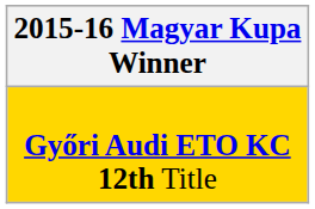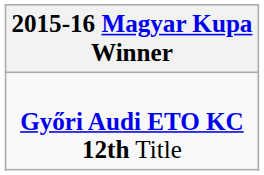 <table class=wikitable style="text-align:center; margin:auto">
 <tr>
 <th>2015-16 <a href='#'>Magyar Kupa</a><br>Winner</th>
 </tr>
 <tr>
-<td align=center style="background: gold;"><br><strong><a href='#'>Győri Audi ETO KC</a></strong><br><strong>12th</strong> Title</td>
+<td align=center><br><strong><a href='#'>Győri Audi ETO KC</a></strong><br><strong>12th</strong> Title</td>
 </tr>
 </table>
